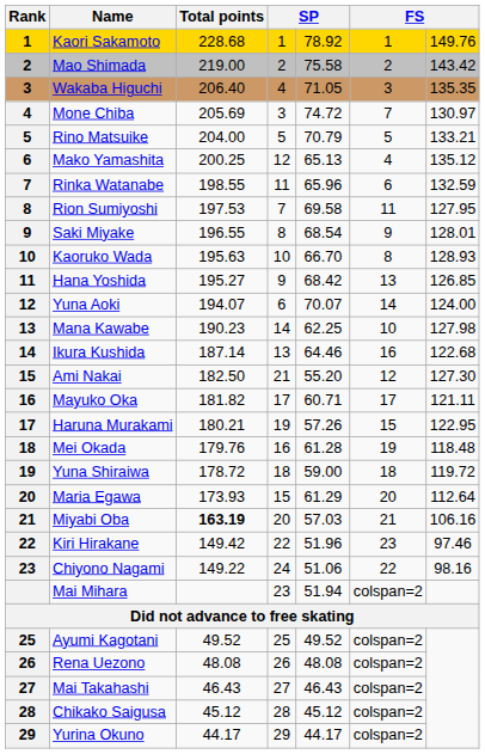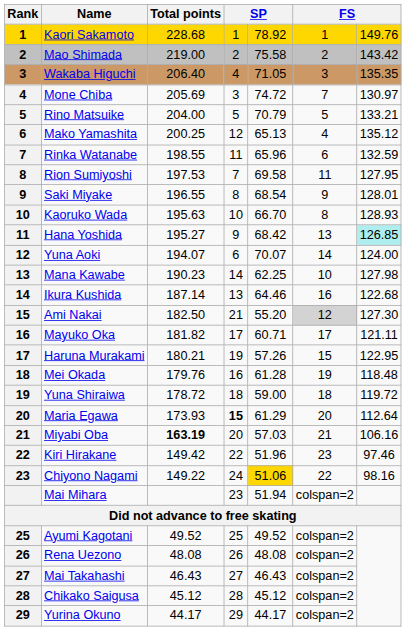 <table class="wikitable sortable">
 <tr>
 <th>Rank</th>
 <th>Name</th>
 <th>Total points</th>
 <th colspan="2" width="80px"><a href='#'>SP</a></th>
 <th colspan="2" width="80px"><a href='#'>FS</a></th>
 </tr>
 <tr bgcolor="gold">
 <td align="center"><strong>1</strong></td>
 <td><a href='#'>Kaori Sakamoto</a></td>
 <td align="center">228.68</td>
 <td align="center">1</td>
 <td align="center">78.92</td>
 <td align="center">1</td>
 <td align="center">149.76</td>
 </tr>
 <tr bgcolor="silver">
 <td align="center"><strong>2</strong></td>
 <td><a href='#'>Mao Shimada</a></td>
 <td align="center">219.00</td>
 <td align="center">2</td>
 <td align="center">75.58</td>
 <td align="center">2</td>
 <td align="center">143.42</td>
 </tr>
 <tr bgcolor="cc9966">
 <td align="center"><strong>3</strong></td>
 <td><a href='#'>Wakaba Higuchi</a></td>
 <td align="center">206.40</td>
 <td align="center">4</td>
 <td align="center">71.05</td>
 <td align="center">3</td>
 <td align="center">135.35</td>
 </tr>
 <tr>
 <th>4</th>
 <td><a href='#'>Mone Chiba</a></td>
 <td align="center">205.69</td>
 <td align="center">3</td>
 <td align="center">74.72</td>
 <td align="center">7</td>
 <td align="center">130.97</td>
 </tr>
 <tr>
 <th>5</th>
 <td><a href='#'>Rino Matsuike</a></td>
 <td align="center">204.00</td>
 <td align="center">5</td>
 <td align="center">70.79</td>
 <td align="center">5</td>
 <td align="center">133.21</td>
 </tr>
 <tr>
 <th>6</th>
 <td><a href='#'>Mako Yamashita</a></td>
 <td align="center">200.25</td>
 <td align="center">12</td>
 <td align="center">65.13</td>
 <td align="center">4</td>
 <td align="center">135.12</td>
 </tr>
 <tr>
 <th>7</th>
 <td><a href='#'>Rinka Watanabe</a></td>
 <td align="center">198.55</td>
 <td align="center">11</td>
 <td align="center">65.96</td>
 <td align="center">6</td>
 <td align="center">132.59</td>
 </tr>
 <tr>
 <th>8</th>
 <td><a href='#'>Rion Sumiyoshi</a></td>
 <td align="center">197.53</td>
 <td align="center">7</td>
 <td align="center">69.58</td>
 <td align="center">11</td>
 <td align="center">127.95</td>
 </tr>
 <tr>
 <th>9</th>
 <td><a href='#'>Saki Miyake</a></td>
 <td align="center">196.55</td>
 <td align="center">8</td>
 <td align="center">68.54</td>
 <td align="center">9</td>
 <td align="center">128.01</td>
 </tr>
 <tr>
 <th>10</th>
 <td><a href='#'>Kaoruko Wada</a></td>
 <td align="center">195.63</td>
 <td align="center">10</td>
 <td align="center">66.70</td>
 <td align="center">8</td>
 <td align="center">128.93</td>
 </tr>
 <tr>
 <th>11</th>
 <td><a href='#'>Hana Yoshida</a></td>
 <td align="center">195.27</td>
 <td align="center">9</td>
 <td align="center">68.42</td>
 <td align="center">13</td>
-<td align="center">126.85</td>
+<td align="center" style="background: paleturquoise;">126.85</td>
 </tr>
 <tr>
 <th>12</th>
 <td><a href='#'>Yuna Aoki</a></td>
 <td align="center">194.07</td>
 <td align="center">6</td>
 <td align="center">70.07</td>
 <td align="center">14</td>
 <td align="center">124.00</td>
 </tr>
 <tr>
 <th>13</th>
 <td><a href='#'>Mana Kawabe</a></td>
 <td align="center">190.23</td>
 <td align="center">14</td>
 <td align="center">62.25</td>
 <td align="center">10</td>
 <td align="center">127.98</td>
 </tr>
 <tr>
 <th>14</th>
 <td><a href='#'>Ikura Kushida</a></td>
 <td align="center">187.14</td>
 <td align="center">13</td>
 <td align="center">64.46</td>
 <td align="center">16</td>
 <td align="center">122.68</td>
 </tr>
 <tr>
 <th>15</th>
 <td><a href='#'>Ami Nakai</a></td>
 <td align="center">182.50</td>
 <td align="center">21</td>
 <td align="center">55.20</td>
-<td align="center">12</td>
+<td align="center" style="background: lightgrey;">12</td>
 <td align="center">127.30</td>
 </tr>
 <tr>
 <th>16</th>
 <td><a href='#'>Mayuko Oka</a></td>
 <td align="center">181.82</td>
 <td align="center">17</td>
 <td align="center">60.71</td>
 <td align="center">17</td>
 <td align="center">121.11</td>
 </tr>
 <tr>
 <th>17</th>
 <td><a href='#'>Haruna Murakami</a></td>
 <td align="center">180.21</td>
 <td align="center">19</td>
 <td align="center">57.26</td>
 <td align="center">15</td>
 <td align="center">122.95</td>
 </tr>
 <tr>
 <th>18</th>
 <td><a href='#'>Mei Okada</a></td>
 <td align="center">179.76</td>
 <td align="center">16</td>
 <td align="center">61.28</td>
 <td align="center">19</td>
 <td align="center">118.48</td>
 </tr>
 <tr>
 <th>19</th>
 <td><a href='#'>Yuna Shiraiwa</a></td>
 <td align="center">178.72</td>
 <td align="center">18</td>
 <td align="center">59.00</td>
 <td align="center">18</td>
 <td align="center">119.72</td>
 </tr>
 <tr>
 <th>20</th>
 <td><a href='#'>Maria Egawa</a></td>
 <td align="center">173.93</td>
-<td align="center">15</td>
+<td align="center"><strong>15</strong></td>
 <td align="center">61.29</td>
 <td align="center">20</td>
 <td align="center">112.64</td>
 </tr>
 <tr>
 <th>21</th>
 <td><a href='#'>Miyabi Oba</a></td>
 <td align="center"><strong>163.19</strong></td>
 <td align="center">20</td>
 <td align="center">57.03</td>
 <td align="center">21</td>
 <td align="center">106.16</td>
 </tr>
 <tr>
 <th>22</th>
 <td><a href='#'>Kiri Hirakane</a></td>
 <td align="center">149.42</td>
 <td align="center">22</td>
 <td align="center">51.96</td>
 <td align="center">23</td>
 <td align="center">97.46</td>
 </tr>
 <tr>
 <th>23</th>
 <td><a href='#'>Chiyono Nagami</a></td>
 <td align="center">149.22</td>
 <td align="center">24</td>
-<td align="center">51.06</td>
+<td align="center" style="background: gold;">51.06</td>
 <td align="center">22</td>
 <td align="center">98.16</td>
 </tr>
 <tr>
 <th></th>
 <td><a href='#'>Mai Mihara</a></td>
 <td></td>
 <td align="center">23</td>
 <td align="center">51.94</td>
 <td>colspan=2 </td>
 </tr>
 <tr>
 <th colspan=8>Did not advance to free skating</th>
 </tr>
 <tr>
 <th>25</th>
 <td><a href='#'>Ayumi Kagotani</a></td>
 <td align="center">49.52</td>
 <td align="center">25</td>
 <td align="center">49.52</td>
 <td>colspan=2 </td>
 </tr>
 <tr>
 <th>26</th>
 <td><a href='#'>Rena Uezono</a></td>
 <td align="center">48.08</td>
 <td align="center">26</td>
 <td align="center">48.08</td>
 <td>colspan=2 </td>
 </tr>
 <tr>
 <th>27</th>
 <td><a href='#'>Mai Takahashi</a></td>
 <td align="center">46.43</td>
 <td align="center">27</td>
 <td align="center">46.43</td>
 <td>colspan=2 </td>
 </tr>
 <tr>
 <th>28</th>
 <td><a href='#'>Chikako Saigusa</a></td>
 <td align="center">45.12</td>
 <td align="center">28</td>
 <td align="center">45.12</td>
 <td>colspan=2 </td>
 </tr>
 <tr>
 <th>29</th>
 <td><a href='#'>Yurina Okuno</a></td>
 <td align="center">44.17</td>
 <td align="center">29</td>
 <td align="center">44.17</td>
 <td>colspan=2 </td>
 </tr>
 </table>
